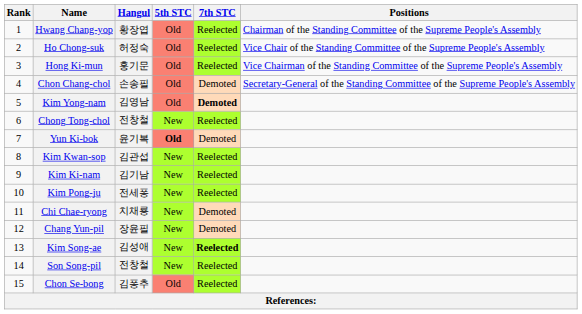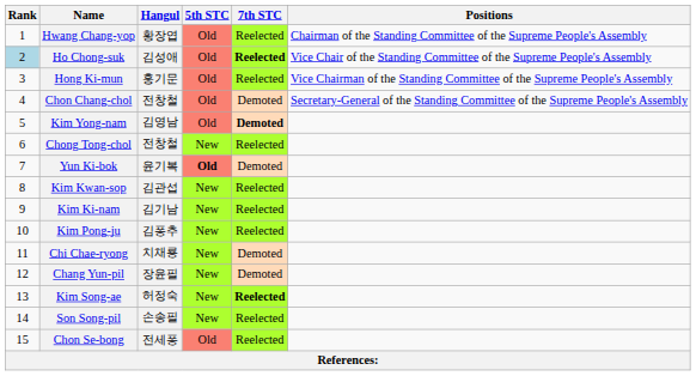 <table class="wikitable sortable">
 <tr>
 <th>Rank</th>
 <th>Name</th>
 <th class="unsortable"><a href='#'>Hangul</a></th>
 <th><a href='#'>5th STC</a></th>
 <th><a href='#'>7th STC</a></th>
 <th>Positions</th>
 </tr>
 <tr>
 <td align="center">1</td>
 <th align="center" scope="row" style="font-weight:normal;"><a href='#'>Hwang Chang-yop</a></th>
 <th align="center" scope="row" style="font-weight:normal;">황장엽</th>
 <td style="background: Salmon" align="center">Old</td>
 <td align="center" style="background: GreenYellow">Reelected</td>
 <td><a href='#'>Chairman</a> of the <a href='#'>Standing Committee</a> of the <a href='#'>Supreme People's Assembly</a></td>
 </tr>
 <tr>
-<td align="center">2</td>
+<td align="center" style="background: lightblue;">2</td>
 <th align="center" scope="row" style="font-weight:normal;"><a href='#'>Ho Chong-suk</a></th>
-<th align="center" scope="row" style="font-weight:normal;">허정숙</th>
+<th align="center" scope="row" style="font-weight:normal;">김성애</th>
 <td style="background: Salmon" align="center">Old</td>
-<td align="center" style="background: GreenYellow">Reelected</td>
+<td align="center" style="background: GreenYellow"><strong>Reelected</strong></td>
 <td><a href='#'>Vice Chair</a> of the <a href='#'>Standing Committee</a> of the <a href='#'>Supreme People's Assembly</a></td>
 </tr>
 <tr>
 <td align="center">3</td>
 <th align="center" scope="row" style="font-weight:normal;"><a href='#'>Hong Ki-mun</a></th>
 <th align="center" scope="row" style="font-weight:normal;">홍기문</th>
 <td style="background: Salmon" align="center">Old</td>
 <td align="center" style="background: GreenYellow">Reelected</td>
 <td><a href='#'>Vice Chairman</a> of the <a href='#'>Standing Committee</a> of the <a href='#'>Supreme People's Assembly</a></td>
 </tr>
 <tr>
 <td align="center">4</td>
 <th align="center" scope="row" style="font-weight:normal;"><a href='#'>Chon Chang-chol</a></th>
-<th align="center" scope="row" style="font-weight:normal;">손송필</th>
+<th align="center" scope="row" style="font-weight:normal;">전창철</th>
 <td style="background: Salmon" align="center">Old</td>
 <td style="background: PeachPuff" align="center">Demoted</td>
 <td><a href='#'>Secretary-General</a> of the <a href='#'>Standing Committee</a> of the <a href='#'>Supreme People's Assembly</a></td>
 </tr>
 <tr>
 <td align="center">5</td>
 <th align="center" scope="row" style="font-weight:normal;"><a href='#'>Kim Yong-nam</a></th>
 <th align="center" scope="row" style="font-weight:normal;">김영남</th>
 <td style="background: Salmon" align="center">Old</td>
 <td style="background: PeachPuff" align="center"><strong>Demoted</strong></td>
 <td></td>
 </tr>
 <tr>
 <td align="center">6</td>
 <th align="center" scope="row" style="font-weight:normal;"><a href='#'>Chong Tong-chol</a></th>
 <th align="center" scope="row" style="font-weight:normal;">전창철</th>
 <td align="center" style="background: GreenYellow">New</td>
 <td align="center" style="background: GreenYellow">Reelected</td>
 <td></td>
 </tr>
 <tr>
 <td align="center">7</td>
 <th align="center" scope="row" style="font-weight:normal;"><a href='#'>Yun Ki-bok</a></th>
 <th align="center" scope="row" style="font-weight:normal;">윤기복</th>
 <td style="background: Salmon" align="center"><strong>Old</strong></td>
 <td style="background: PeachPuff" align="center">Demoted</td>
 <td></td>
 </tr>
 <tr>
 <td align="center">8</td>
 <th align="center" scope="row" style="font-weight:normal;"><a href='#'>Kim Kwan-sop</a></th>
 <th align="center" scope="row" style="font-weight:normal;">김관섭</th>
 <td align="center" style="background: GreenYellow">New</td>
 <td align="center" style="background: GreenYellow">Reelected</td>
 <td></td>
 </tr>
 <tr>
 <td align="center">9</td>
 <th align="center" scope="row" style="font-weight:normal;"><a href='#'>Kim Ki-nam</a></th>
 <th align="center" scope="row" style="font-weight:normal;">김기남</th>
 <td align="center" style="background: GreenYellow">New</td>
 <td align="center" style="background: GreenYellow">Reelected</td>
 <td></td>
 </tr>
 <tr>
 <td align="center">10</td>
 <th align="center" scope="row" style="font-weight:normal;"><a href='#'>Kim Pong-ju</a></th>
-<th align="center" scope="row" style="font-weight:normal;">전세퐁</th>
+<th align="center" scope="row" style="font-weight:normal;">김퐁추</th>
 <td align="center" style="background: GreenYellow">New</td>
 <td align="center" style="background: GreenYellow">Reelected</td>
 <td></td>
 </tr>
 <tr>
 <td align="center">11</td>
 <th align="center" scope="row" style="font-weight:normal;"><a href='#'>Chi Chae-ryong</a></th>
 <th align="center" scope="row" style="font-weight:normal;">치채룡</th>
 <td align="center" style="background: GreenYellow">New</td>
 <td style="background: PeachPuff" align="center">Demoted</td>
 <td></td>
 </tr>
 <tr>
 <td align="center">12</td>
 <th align="center" scope="row" style="font-weight:normal;"><a href='#'>Chang Yun-pil</a></th>
 <th align="center" scope="row" style="font-weight:normal;">장윤필</th>
 <td align="center" style="background: GreenYellow">New</td>
 <td style="background: PeachPuff" align="center">Demoted</td>
 <td></td>
 </tr>
 <tr>
 <td align="center">13</td>
 <th align="center" scope="row" style="font-weight:normal;"><a href='#'>Kim Song-ae</a></th>
-<th align="center" scope="row" style="font-weight:normal;">김성애</th>
+<th align="center" scope="row" style="font-weight:normal;">허정숙</th>
 <td align="center" style="background: GreenYellow">New</td>
 <td align="center" style="background: GreenYellow"><strong>Reelected</strong></td>
 <td></td>
 </tr>
 <tr>
 <td align="center">14</td>
 <th align="center" scope="row" style="font-weight:normal;"><a href='#'>Son Song-pil</a></th>
-<th align="center" scope="row" style="font-weight:normal;">전창철</th>
+<th align="center" scope="row" style="font-weight:normal;">손송필</th>
 <td align="center" style="background: GreenYellow">New</td>
 <td align="center" style="background: GreenYellow">Reelected</td>
 <td></td>
 </tr>
 <tr>
 <td align="center">15</td>
 <th align="center" scope="row" style="font-weight:normal;"><a href='#'>Chon Se-bong</a></th>
-<th align="center" scope="row" style="font-weight:normal;">김퐁추</th>
+<th align="center" scope="row" style="font-weight:normal;">전세퐁</th>
 <td style="background: Salmon" align="center">Old</td>
 <td align="center" style="background: GreenYellow">Reelected</td>
 <td></td>
 </tr>
 <tr>
 <th colspan="6" unsortable><strong>References:</strong><br></th>
 </tr>
 </table>
